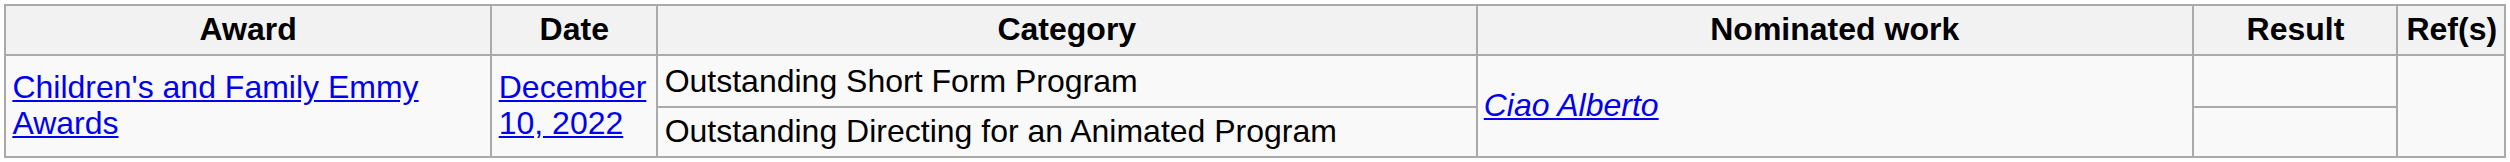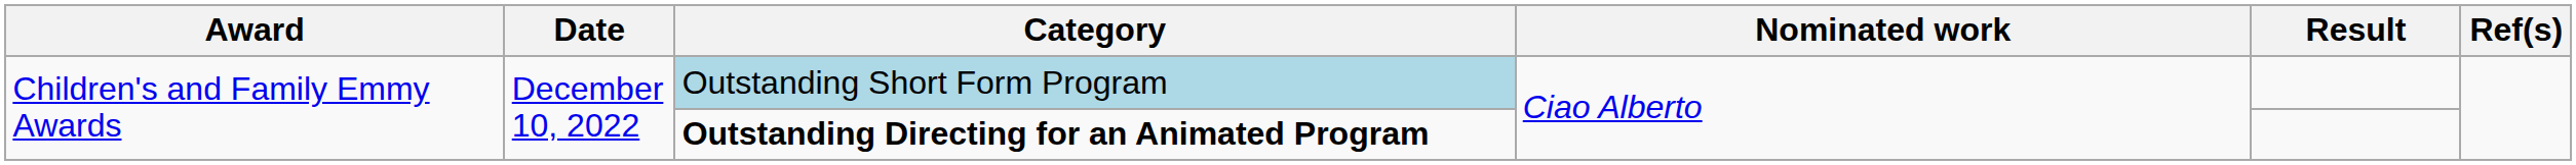 <table class="wikitable sortable plainrowheaders" style="width:99%;">
 <tr>
 <th scope="col" style="width:19%;">Award</th>
 <th scope="col" style="width:6%;">Date</th>
 <th scope="col" style="width:32%;">Category</th>
 <th scope="col" style="width:28%;">Nominated work</th>
 <th scope="col" style="width:8%;">Result</th>
 <th scope="col" style="width:4%;" class="unsortable">Ref(s)</th>
 </tr>
 <tr>
 <td rowspan="2"><a href='#'>Children's and Family Emmy Awards</a></td>
 <td rowspan="2"><a href='#'>December 10, 2022</a></td>
-<td>Outstanding Short Form Program</td>
+<td style="background: lightblue;">Outstanding Short Form Program</td>
 <td rowspan="2"><em><a href='#'>Ciao Alberto</a></em></td>
 <td></td>
 <td rowspan="2" style="text-align:center;"></td>
 </tr>
 <tr>
-<td>Outstanding Directing for an Animated Program</td>
+<td><strong>Outstanding Directing for an Animated Program</strong></td>
 <td></td>
 </tr>
 <tr>
 </tr>
 </table>
